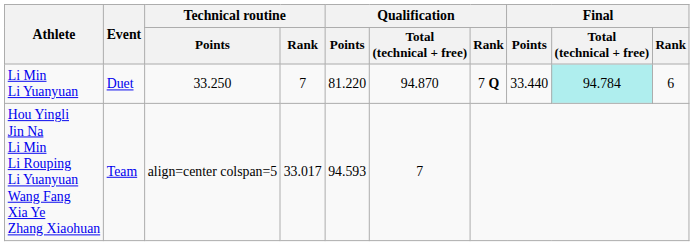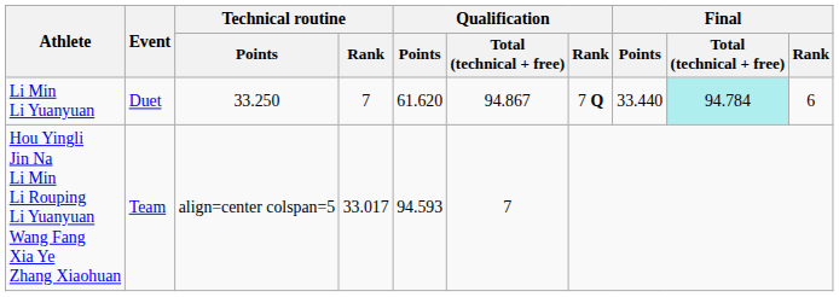 <table class="wikitable" style="font-size:90%">
 <tr>
 <th rowspan="2">Athlete</th>
 <th rowspan="2">Event</th>
 <th colspan=2>Technical routine</th>
 <th colspan=3>Qualification</th>
 <th colspan=3>Final</th>
 </tr>
 <tr style="font-size:95%">
 <th>Points</th>
 <th>Rank</th>
 <th>Points</th>
 <th>Total<br> (technical + free)</th>
 <th>Rank</th>
 <th>Points</th>
 <th>Total<br> (technical + free)</th>
 <th>Rank</th>
 </tr>
 <tr>
 <td align=left><a href='#'>Li Min</a><br> <a href='#'>Li Yuanyuan</a></td>
 <td align=left><a href='#'>Duet</a></td>
 <td align=center>33.250</td>
 <td align=center>7</td>
-<td align=center>81.220</td>
-<td align=center>94.870</td>
+<td align=center>61.620</td>
+<td align=center>94.867</td>
 <td align=center>7 <strong>Q</strong></td>
 <td align=center>33.440</td>
 <td align=center style="background: paleturquoise;">94.784</td>
 <td align=center>6</td>
 </tr>
 <tr>
 <td align=left><a href='#'>Hou Yingli</a><br> <a href='#'>Jin Na</a><br> <a href='#'>Li Min</a><br> <a href='#'>Li Rouping</a><br> <a href='#'>Li Yuanyuan</a><br> <a href='#'>Wang Fang</a><br> <a href='#'>Xia Ye</a><br> <a href='#'>Zhang Xiaohuan</a></td>
 <td align=left><a href='#'>Team</a></td>
 <td>align=center colspan=5 </td>
 <td align=center>33.017</td>
 <td align=center>94.593</td>
 <td align=center>7</td>
 </tr>
 </table>
